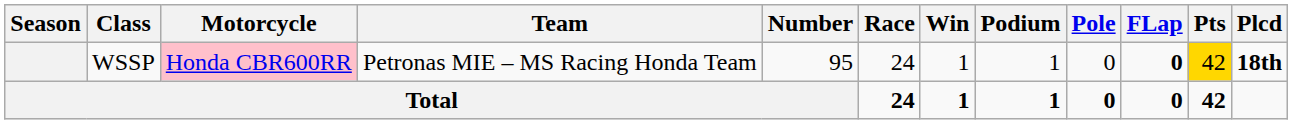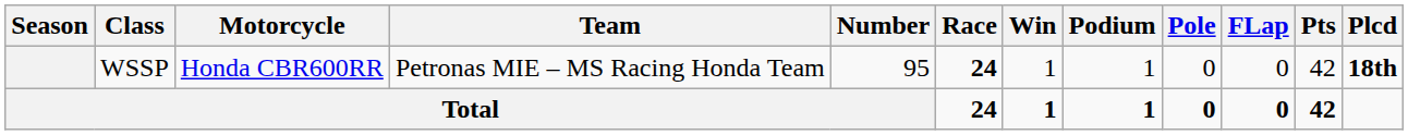 <table class="wikitable" style="text-align:right;">
 <tr>
 <th>Season</th>
 <th>Class</th>
 <th>Motorcycle</th>
 <th>Team</th>
 <th>Number</th>
 <th>Race</th>
 <th>Win</th>
 <th>Podium</th>
 <th><a href='#'>Pole</a></th>
 <th><a href='#'>FLap</a></th>
 <th>Pts</th>
 <th>Plcd</th>
 </tr>
 <tr>
 <th></th>
 <td>WSSP</td>
-<td style="background: pink; text-align:left;"><a href='#'>Honda CBR600RR</a></td>
+<td style="text-align:left;"><a href='#'>Honda CBR600RR</a></td>
 <td style="text-align:left;">Petronas MIE – MS Racing Honda Team</td>
 <td>95</td>
-<td>24</td>
+<td><strong>24</strong></td>
 <td>1</td>
 <td>1</td>
 <td>0</td>
-<td><strong>0</strong></td>
-<td style="background: gold;">42</td>
+<td>0</td>
+<td>42</td>
 <td><strong>18th</strong></td>
 </tr>
 <tr>
 <th colspan="5">Total</th>
 <td><strong>24</strong></td>
 <td><strong>1</strong></td>
 <td><strong>1</strong></td>
 <td><strong>0</strong></td>
 <td><strong>0</strong></td>
 <td><strong>42</strong></td>
 <td></td>
 </tr>
 </table>
